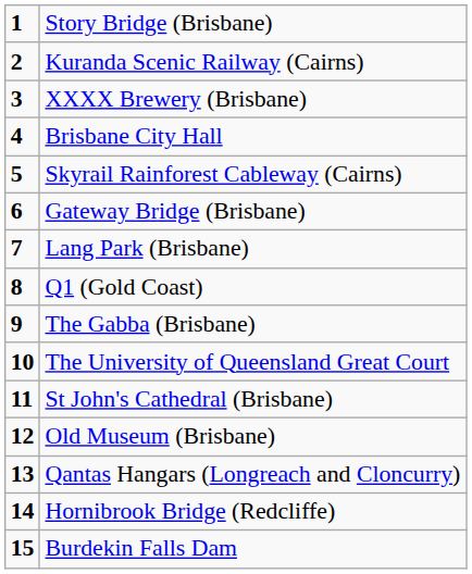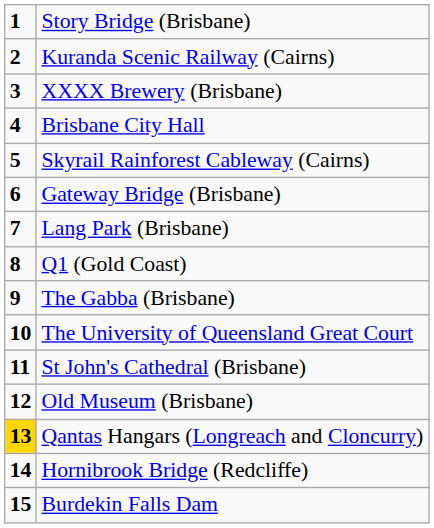 <table class="wikitable">
 <tr>
 <td><strong>1</strong></td>
 <td><a href='#'>Story Bridge</a> (Brisbane)</td>
 </tr>
 <tr>
 <td><strong>2</strong></td>
 <td><a href='#'>Kuranda Scenic Railway</a> (Cairns)</td>
 </tr>
 <tr>
 <td><strong>3</strong></td>
 <td><a href='#'>XXXX Brewery</a> (Brisbane)</td>
 </tr>
 <tr>
 <td><strong>4</strong></td>
 <td><a href='#'>Brisbane City Hall</a></td>
 </tr>
 <tr>
 <td><strong>5</strong></td>
 <td><a href='#'>Skyrail Rainforest Cableway</a> (Cairns)</td>
 </tr>
 <tr>
 <td><strong>6</strong></td>
 <td><a href='#'>Gateway Bridge</a> (Brisbane)</td>
 </tr>
 <tr>
 <td><strong>7</strong></td>
 <td><a href='#'>Lang Park</a> (Brisbane)</td>
 </tr>
 <tr>
 <td><strong>8</strong></td>
 <td><a href='#'>Q1</a> (Gold Coast)</td>
 </tr>
 <tr>
 <td><strong>9</strong></td>
 <td><a href='#'>The Gabba</a> (Brisbane)</td>
 </tr>
 <tr>
 <td><strong>10</strong></td>
 <td><a href='#'>The University of Queensland Great Court</a></td>
 </tr>
 <tr>
 <td><strong>11</strong></td>
 <td><a href='#'>St John's Cathedral</a> (Brisbane)</td>
 </tr>
 <tr>
 <td><strong>12</strong></td>
 <td><a href='#'>Old Museum</a> (Brisbane)</td>
 </tr>
 <tr>
-<td><strong>13</strong></td>
+<td style="background: gold;"><strong>13</strong></td>
 <td><a href='#'>Qantas</a> Hangars (<a href='#'>Longreach</a> and <a href='#'>Cloncurry</a>)</td>
 </tr>
 <tr>
 <td><strong>14</strong></td>
 <td><a href='#'>Hornibrook Bridge</a> (Redcliffe)</td>
 </tr>
 <tr>
 <td><strong>15</strong></td>
 <td><a href='#'>Burdekin Falls Dam</a></td>
 </tr>
 </table>
